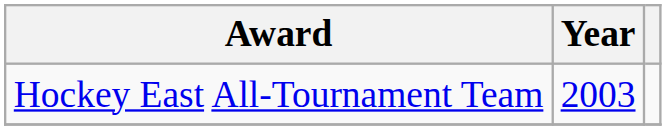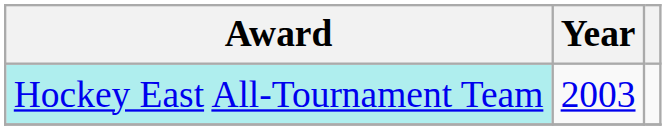 <table class="wikitable">
 <tr>
 <th>Award</th>
 <th>Year</th>
 <th></th>
 </tr>
 <tr>
-<td><a href='#'>Hockey East</a> <a href='#'>All-Tournament Team</a></td>
+<td style="background: paleturquoise;"><a href='#'>Hockey East</a> <a href='#'>All-Tournament Team</a></td>
 <td><a href='#'>2003</a></td>
 <td></td>
 </tr>
 <tr>
 </tr>
 </table>
